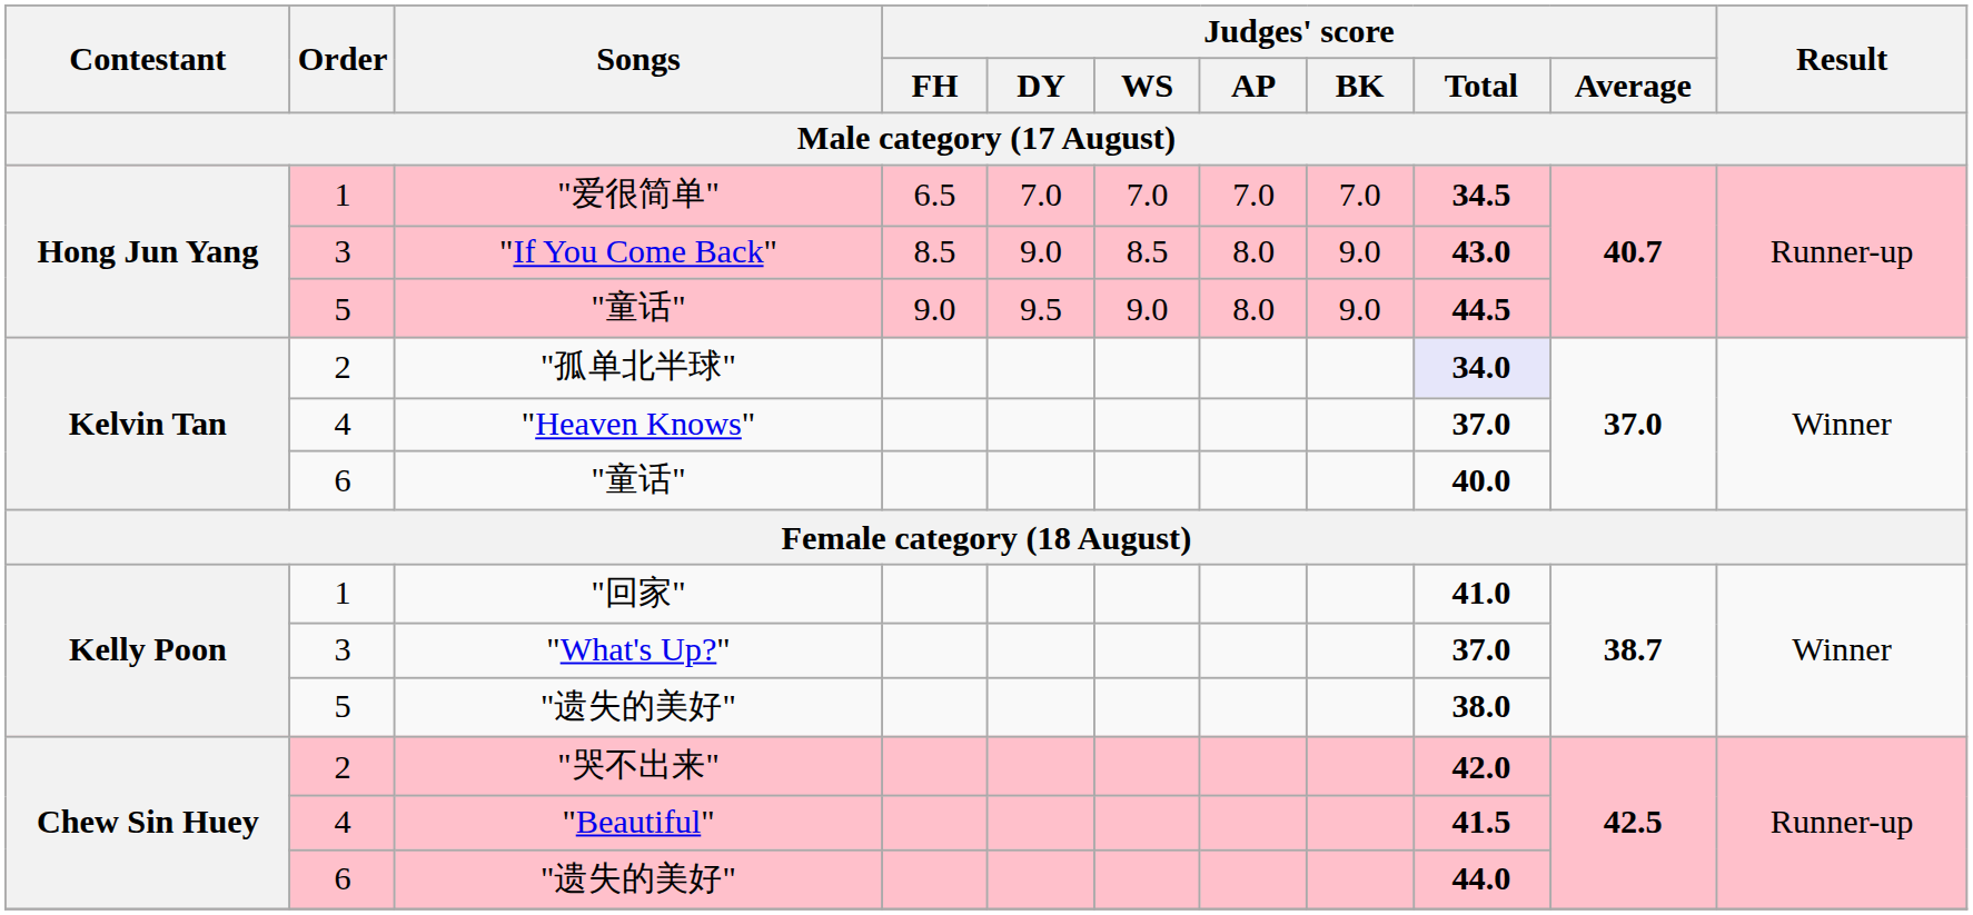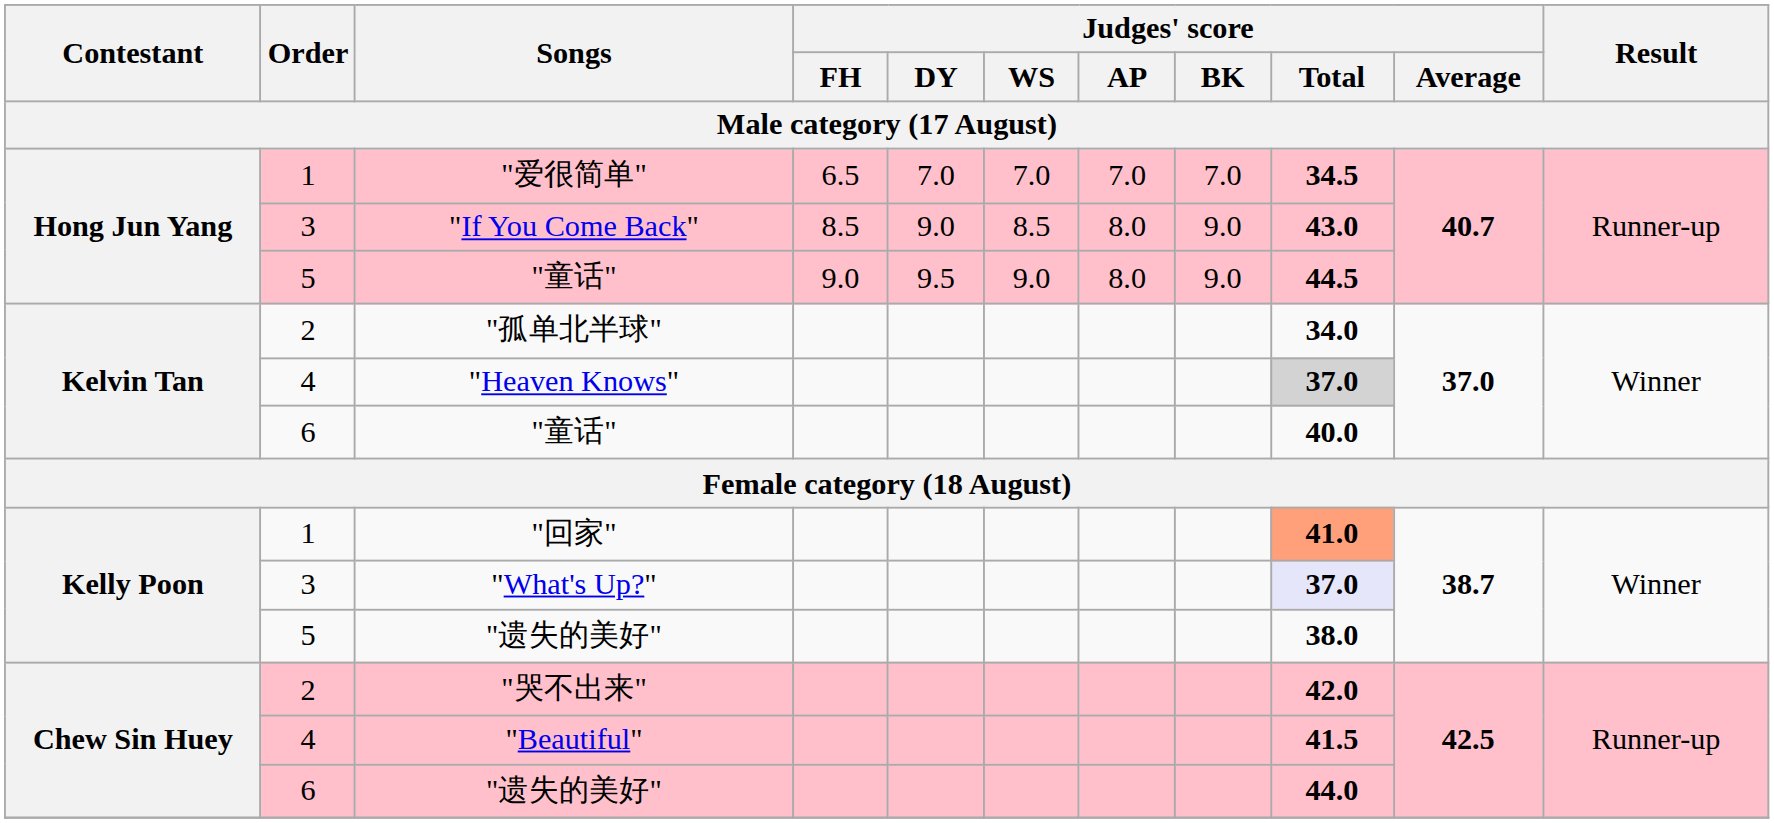 <table class="wikitable plainrowheaders" style="text-align:center;">
 <tr>
 <th rowspan=2 scope="col" style="width:8em;">Contestant</th>
 <th rowspan=2 scope="col">Order</th>
 <th rowspan=2 scope="col" style="width:14em;">Songs</th>
 <th colspan=7 scope="col">Judges' score</th>
 <th rowspan=2 scope="col" style="width:7em;">Result</th>
 </tr>
 <tr>
 <th style="width:2.7em;">FH</th>
 <th style="width:2.7em;">DY</th>
 <th style="width:2.7em;">WS</th>
 <th style="width:2.7em;">AP</th>
 <th style="width:2.7em;">BK</th>
 <th style="width:3.6em;">Total</th>
 <th style="width:4.5em;">Average</th>
 </tr>
 <tr>
 <th colspan=11>Male category (17 August)</th>
 </tr>
 <tr style="background:pink;">
 <th rowspan=3 scope="row">Hong Jun Yang</th>
 <td>1</td>
 <td>"爱很简单"</td>
 <td>6.5</td>
 <td>7.0</td>
 <td>7.0</td>
 <td>7.0</td>
 <td>7.0</td>
 <td><strong>34.5</strong></td>
 <td rowspan=3><strong>40.7</strong></td>
 <td rowspan=3>Runner-up</td>
 </tr>
 <tr style="background:pink;">
 <td>3</td>
 <td>"<a href='#'>If You Come Back</a>"</td>
 <td>8.5</td>
 <td>9.0</td>
 <td>8.5</td>
 <td>8.0</td>
 <td>9.0</td>
 <td><strong>43.0</strong></td>
 </tr>
 <tr style="background:pink;">
 <td>5</td>
 <td>"童话"</td>
 <td>9.0</td>
 <td>9.5</td>
 <td>9.0</td>
 <td>8.0</td>
 <td>9.0</td>
 <td><strong>44.5</strong></td>
 </tr>
 <tr>
 <th rowspan=3 scope="row">Kelvin Tan</th>
 <td>2</td>
 <td>"孤单北半球"</td>
 <td></td>
 <td></td>
 <td></td>
 <td></td>
 <td></td>
-<td style="background: lavender;"><strong>34.0</strong></td>
+<td><strong>34.0</strong></td>
 <td rowspan=3><strong>37.0</strong></td>
 <td rowspan=3>Winner</td>
 </tr>
 <tr>
 <td>4</td>
 <td>"<a href='#'>Heaven Knows</a>"</td>
 <td></td>
 <td></td>
 <td></td>
 <td></td>
 <td></td>
-<td><strong>37.0</strong></td>
+<td style="background: lightgrey;"><strong>37.0</strong></td>
 </tr>
 <tr>
 <td>6</td>
 <td>"童话"</td>
 <td></td>
 <td></td>
 <td></td>
 <td></td>
 <td></td>
 <td><strong>40.0</strong></td>
 </tr>
 <tr>
 <th colspan=11>Female category (18 August)</th>
 </tr>
 <tr>
 <th rowspan=3 scope="row">Kelly Poon</th>
 <td>1</td>
 <td>"回家"</td>
 <td></td>
 <td></td>
 <td></td>
 <td></td>
 <td></td>
-<td><strong>41.0</strong></td>
+<td style="background: lightsalmon;"><strong>41.0</strong></td>
 <td rowspan=3><strong>38.7</strong></td>
 <td rowspan=3>Winner</td>
 </tr>
 <tr>
 <td>3</td>
 <td>"<a href='#'>What's Up?</a>"</td>
 <td></td>
 <td></td>
 <td></td>
 <td></td>
 <td></td>
-<td><strong>37.0</strong></td>
+<td style="background: lavender;"><strong>37.0</strong></td>
 </tr>
 <tr>
 <td>5</td>
 <td>"遗失的美好"</td>
 <td></td>
 <td></td>
 <td></td>
 <td></td>
 <td></td>
 <td><strong>38.0</strong></td>
 </tr>
 <tr style="background:pink;">
 <th rowspan=3 scope="row">Chew Sin Huey</th>
 <td>2</td>
 <td>"哭不出来"</td>
 <td></td>
 <td></td>
 <td></td>
 <td></td>
 <td></td>
 <td><strong>42.0</strong></td>
 <td rowspan=3><strong>42.5</strong></td>
 <td rowspan=3>Runner-up</td>
 </tr>
 <tr style="background:pink;">
 <td>4</td>
 <td>"<a href='#'>Beautiful</a>"</td>
 <td></td>
 <td></td>
 <td></td>
 <td></td>
 <td></td>
 <td><strong>41.5</strong></td>
 </tr>
 <tr style="background:pink;">
 <td>6</td>
 <td>"遗失的美好"</td>
 <td></td>
 <td></td>
 <td></td>
 <td></td>
 <td></td>
 <td><strong>44.0</strong></td>
 </tr>
 <tr>
 </tr>
 </table>
